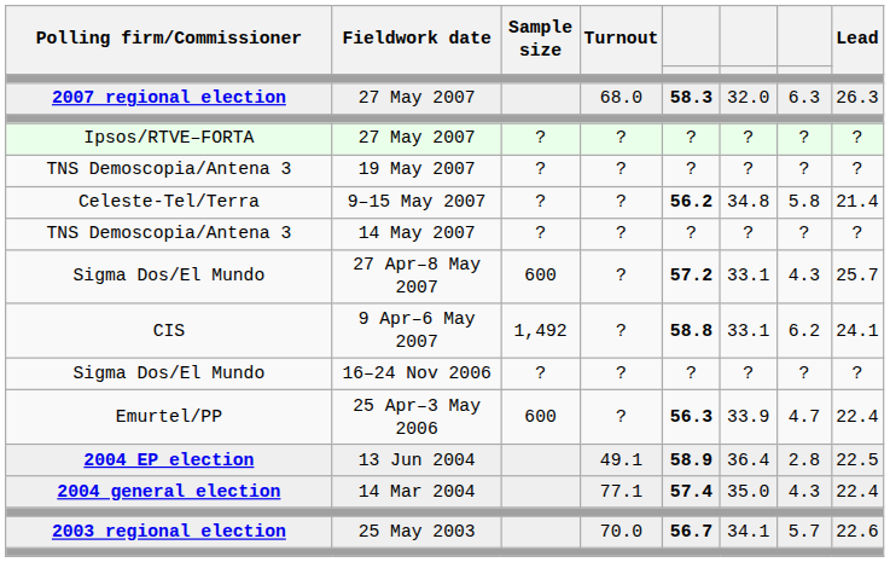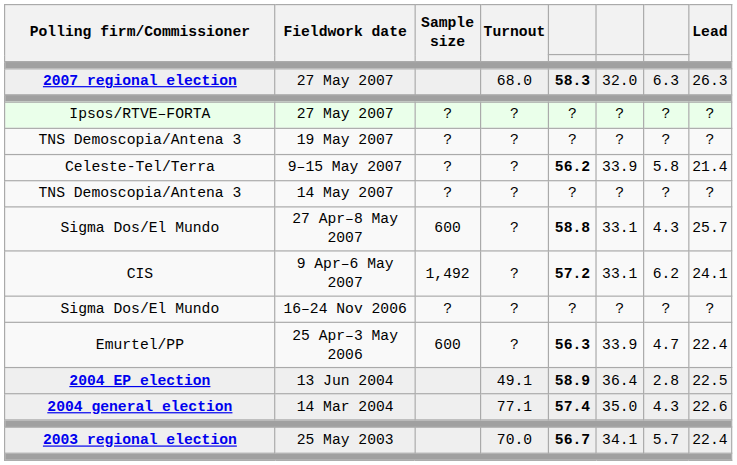 <table class="wikitable collapsible collapsed" style="text-align:center; font-size:95%; line-height:16px;">
 <tr style="height:42px;">
 <th style="width:250px;" rowspan="2">Polling firm/Commissioner</th>
 <th style="width:125px;" rowspan="2">Fieldwork date</th>
 <th style="width:50px;" rowspan="2">Sample size</th>
 <th style="width:45px;" rowspan="2">Turnout</th>
 <th style="width:35px;"></th>
 <th style="width:35px;"></th>
 <th style="width:35px;"></th>
 <th style="width:30px;" rowspan="2">Lead</th>
 </tr>
 <tr>
 <th style="color:inherit;background:"></th>
 <th style="color:inherit;background:"></th>
 <th style="color:inherit;background:"></th>
 </tr>
 <tr>
 <td colspan="9" style="background:#A0A0A0"></td>
 </tr>
 <tr style="background:#EFEFEF;">
 <td><strong><a href='#'>2007 regional election</a></strong></td>
 <td>27 May 2007</td>
 <td></td>
 <td>68.0</td>
 <td><strong>58.3</strong><br></td>
 <td>32.0<br></td>
 <td>6.3<br></td>
 <td style="background:">26.3</td>
 </tr>
 <tr>
 <td colspan="8" style="background:#A0A0A0"></td>
 </tr>
 <tr style="background:#EAFFEA;">
 <td>Ipsos/RTVE–FORTA</td>
 <td>27 May 2007</td>
 <td>?</td>
 <td>?</td>
 <td>?<br></td>
 <td>?<br></td>
 <td>?<br></td>
 <td style="background:">?</td>
 </tr>
 <tr>
 <td>TNS Demoscopia/Antena 3</td>
 <td>19 May 2007</td>
 <td>?</td>
 <td>?</td>
 <td>?<br></td>
 <td>?<br></td>
 <td>?<br></td>
 <td style="background:">?</td>
 </tr>
 <tr>
 <td>Celeste-Tel/Terra</td>
 <td>9–15 May 2007</td>
 <td>?</td>
 <td>?</td>
 <td><strong>56.2</strong><br></td>
-<td>34.8<br></td>
+<td>33.9</td>
 <td>5.8<br></td>
 <td style="background:">21.4</td>
 </tr>
 <tr>
 <td>TNS Demoscopia/Antena 3</td>
 <td>14 May 2007</td>
 <td>?</td>
 <td>?</td>
 <td>?<br></td>
 <td>?<br></td>
 <td>?<br></td>
 <td style="background:">?</td>
 </tr>
 <tr>
 <td>Sigma Dos/El Mundo</td>
 <td>27 Apr–8 May 2007</td>
 <td>600</td>
 <td>?</td>
-<td><strong>57.2</strong><br></td>
+<td><strong>58.8</strong><br></td>
 <td>33.1<br></td>
 <td>4.3<br></td>
 <td style="background:">25.7</td>
 </tr>
 <tr>
 <td>CIS</td>
 <td>9 Apr–6 May 2007</td>
 <td>1,492</td>
 <td>?</td>
-<td><strong>58.8</strong><br></td>
+<td><strong>57.2</strong><br></td>
 <td>33.1<br></td>
 <td>6.2<br></td>
 <td style="background:">24.1</td>
 </tr>
 <tr>
 <td>Sigma Dos/El Mundo</td>
 <td>16–24 Nov 2006</td>
 <td>?</td>
 <td>?</td>
 <td>?<br></td>
 <td>?<br></td>
 <td>?<br></td>
 <td style="background:">?</td>
 </tr>
 <tr>
 <td>Emurtel/PP</td>
 <td>25 Apr–3 May 2006</td>
 <td>600</td>
 <td>?</td>
 <td><strong>56.3</strong></td>
 <td>33.9</td>
 <td>4.7</td>
 <td style="background:">22.4</td>
 </tr>
 <tr style="background:#EFEFEF;">
 <td><strong><a href='#'>2004 EP election</a></strong></td>
 <td>13 Jun 2004</td>
 <td></td>
 <td>49.1</td>
 <td><strong>58.9</strong></td>
 <td>36.4</td>
 <td>2.8</td>
 <td style="background:">22.5</td>
 </tr>
 <tr style="background:#EFEFEF;">
 <td><strong><a href='#'>2004 general election</a></strong></td>
 <td>14 Mar 2004</td>
 <td></td>
 <td>77.1</td>
 <td><strong>57.4</strong></td>
 <td>35.0</td>
 <td>4.3</td>
-<td style="background:">22.4</td>
+<td style="background:">22.6</td>
 </tr>
 <tr>
 <td colspan="8" style="background:#A0A0A0"></td>
 </tr>
 <tr style="background:#EFEFEF;">
 <td><strong><a href='#'>2003 regional election</a></strong></td>
 <td>25 May 2003</td>
 <td></td>
 <td>70.0</td>
 <td><strong>56.7</strong><br></td>
 <td>34.1<br></td>
 <td>5.7<br></td>
-<td style="background:">22.6</td>
+<td style="background:">22.4</td>
 </tr>
 <tr>
 <td colspan="8" style="background:#A0A0A0"></td>
 </tr>
 </table>
